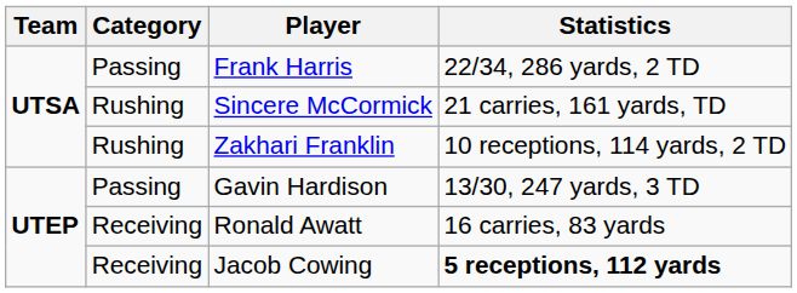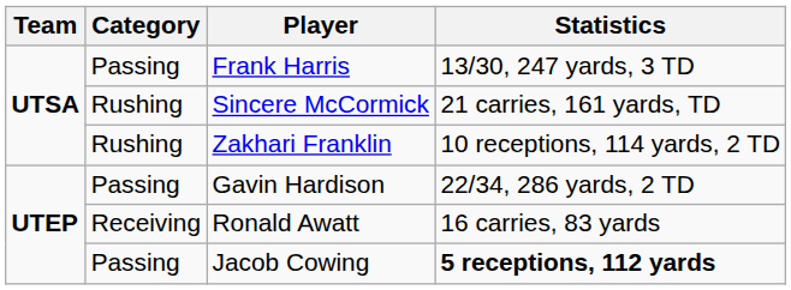 <table class="wikitable" style="float: left;">
 <tr>
 <th>Team</th>
 <th>Category</th>
 <th>Player</th>
 <th>Statistics</th>
 </tr>
 <tr>
 <td rowspan=3><strong>UTSA</strong></td>
 <td>Passing</td>
 <td><a href='#'>Frank Harris</a></td>
-<td>22/34, 286 yards, 2 TD</td>
+<td>13/30, 247 yards, 3 TD</td>
 </tr>
 <tr>
 <td>Rushing</td>
 <td><a href='#'>Sincere McCormick</a></td>
 <td>21 carries, 161 yards, TD</td>
 </tr>
 <tr>
 <td>Rushing</td>
 <td><a href='#'>Zakhari Franklin</a></td>
 <td>10 receptions, 114 yards, 2 TD</td>
 </tr>
 <tr>
 <td rowspan=3><strong>UTEP</strong></td>
 <td>Passing</td>
 <td>Gavin Hardison</td>
-<td>13/30, 247 yards, 3 TD</td>
+<td>22/34, 286 yards, 2 TD</td>
 </tr>
 <tr>
 <td>Receiving</td>
 <td>Ronald Awatt</td>
 <td>16 carries, 83 yards</td>
 </tr>
 <tr>
-<td>Receiving</td>
+<td>Passing</td>
 <td>Jacob Cowing</td>
 <td><strong>5 receptions, 112 yards</strong></td>
 </tr>
 </table>
